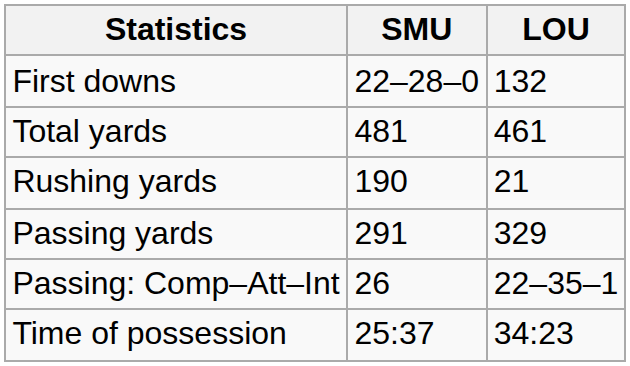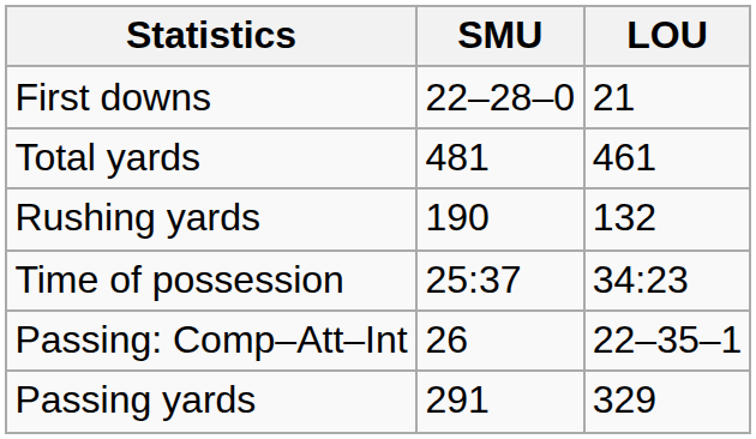 <table class="wikitable" style="float: left;">
 <tr>
 <th>Statistics</th>
 <th>SMU</th>
 <th>LOU</th>
 </tr>
 <tr>
 <td>First downs</td>
 <td>22–28–0</td>
-<td>132</td>
+<td>21</td>
 </tr>
 <tr>
 <td>Total yards</td>
 <td>481</td>
 <td>461</td>
 </tr>
 <tr>
 <td>Rushing yards</td>
 <td>190</td>
-<td>21</td>
+<td>132</td>
+</tr>
+<tr>
+<td>Time of possession</td>
+<td>25:37</td>
+<td>34:23</td>
+</tr>
+<tr>
+<td>Passing: Comp–Att–Int</td>
+<td>26</td>
+<td>22–35–1</td>
 </tr>
 <tr>
 <td>Passing yards</td>
 <td>291</td>
 <td>329</td>
 </tr>
 <tr>
-<td>Passing: Comp–Att–Int</td>
-<td>26</td>
-<td>22–35–1</td>
-</tr>
-<tr>
-<td>Time of possession</td>
-<td>25:37</td>
-<td>34:23</td>
-</tr>
-<tr>
 </tr>
 </table>
